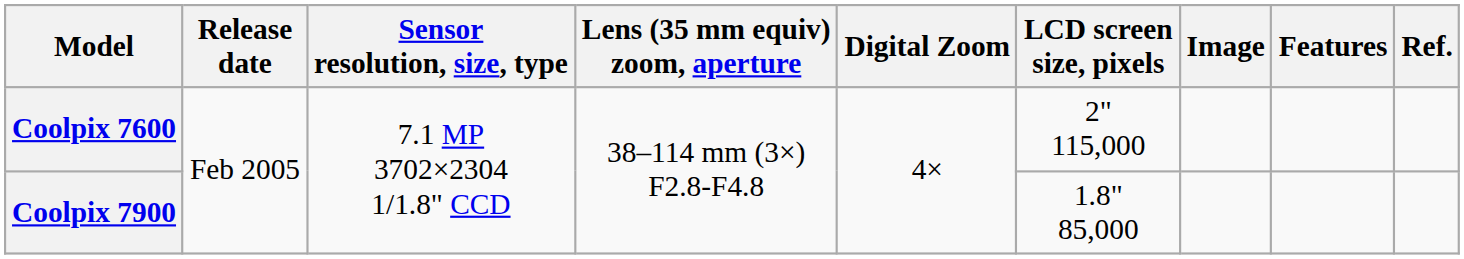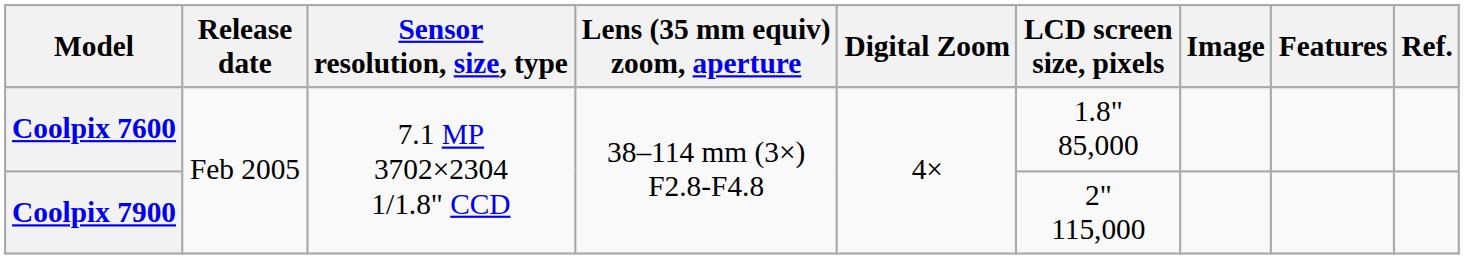 <table class="wikitable" style="font-size: 85%; text-align: center">
 <tr>
 <th>Model</th>
 <th>Release<br>date</th>
 <th><a href='#'>Sensor</a><br>resolution, <a href='#'>size</a>, type</th>
 <th>Lens (35 mm equiv)<br>zoom, <a href='#'>aperture</a></th>
 <th>Digital Zoom</th>
 <th>LCD screen<br>size, pixels</th>
 <th>Image</th>
 <th>Features</th>
 <th>Ref.</th>
 </tr>
 <tr>
 <th><a href='#'>Coolpix 7600</a></th>
 <td rowspan="2">Feb 2005</td>
 <td rowspan="2">7.1 <a href='#'>MP</a><br>3702×2304<br>1/1.8" <a href='#'>CCD</a></td>
 <td rowspan="2">38–114 mm (3×)<br>F2.8-F4.8</td>
 <td rowspan="2">4×</td>
-<td>2"<br>115,000</td>
+<td>1.8"<br>85,000</td>
 <td></td>
 <td></td>
 <td></td>
 </tr>
 <tr>
 <th><a href='#'>Coolpix 7900</a></th>
-<td>1.8"<br>85,000</td>
+<td>2"<br>115,000</td>
 <td></td>
 <td></td>
 <td></td>
 </tr>
 </table>
